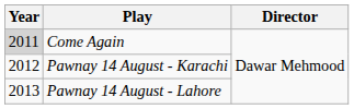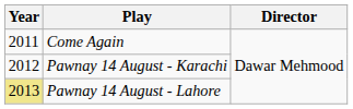 <table class="wikitable">
 <tr>
 <th>Year</th>
 <th>Play</th>
 <th>Director</th>
 </tr>
 <tr>
-<td style="background: lightgrey;">2011</td>
+<td>2011</td>
 <td><em>Come Again</em></td>
 <td rowspan="3">Dawar Mehmood</td>
 </tr>
 <tr>
 <td>2012</td>
 <td><em>Pawnay 14 August - Karachi</em></td>
 </tr>
 <tr>
-<td>2013</td>
+<td style="background: khaki;">2013</td>
 <td><em>Pawnay 14 August - Lahore</em></td>
 </tr>
 </table>
